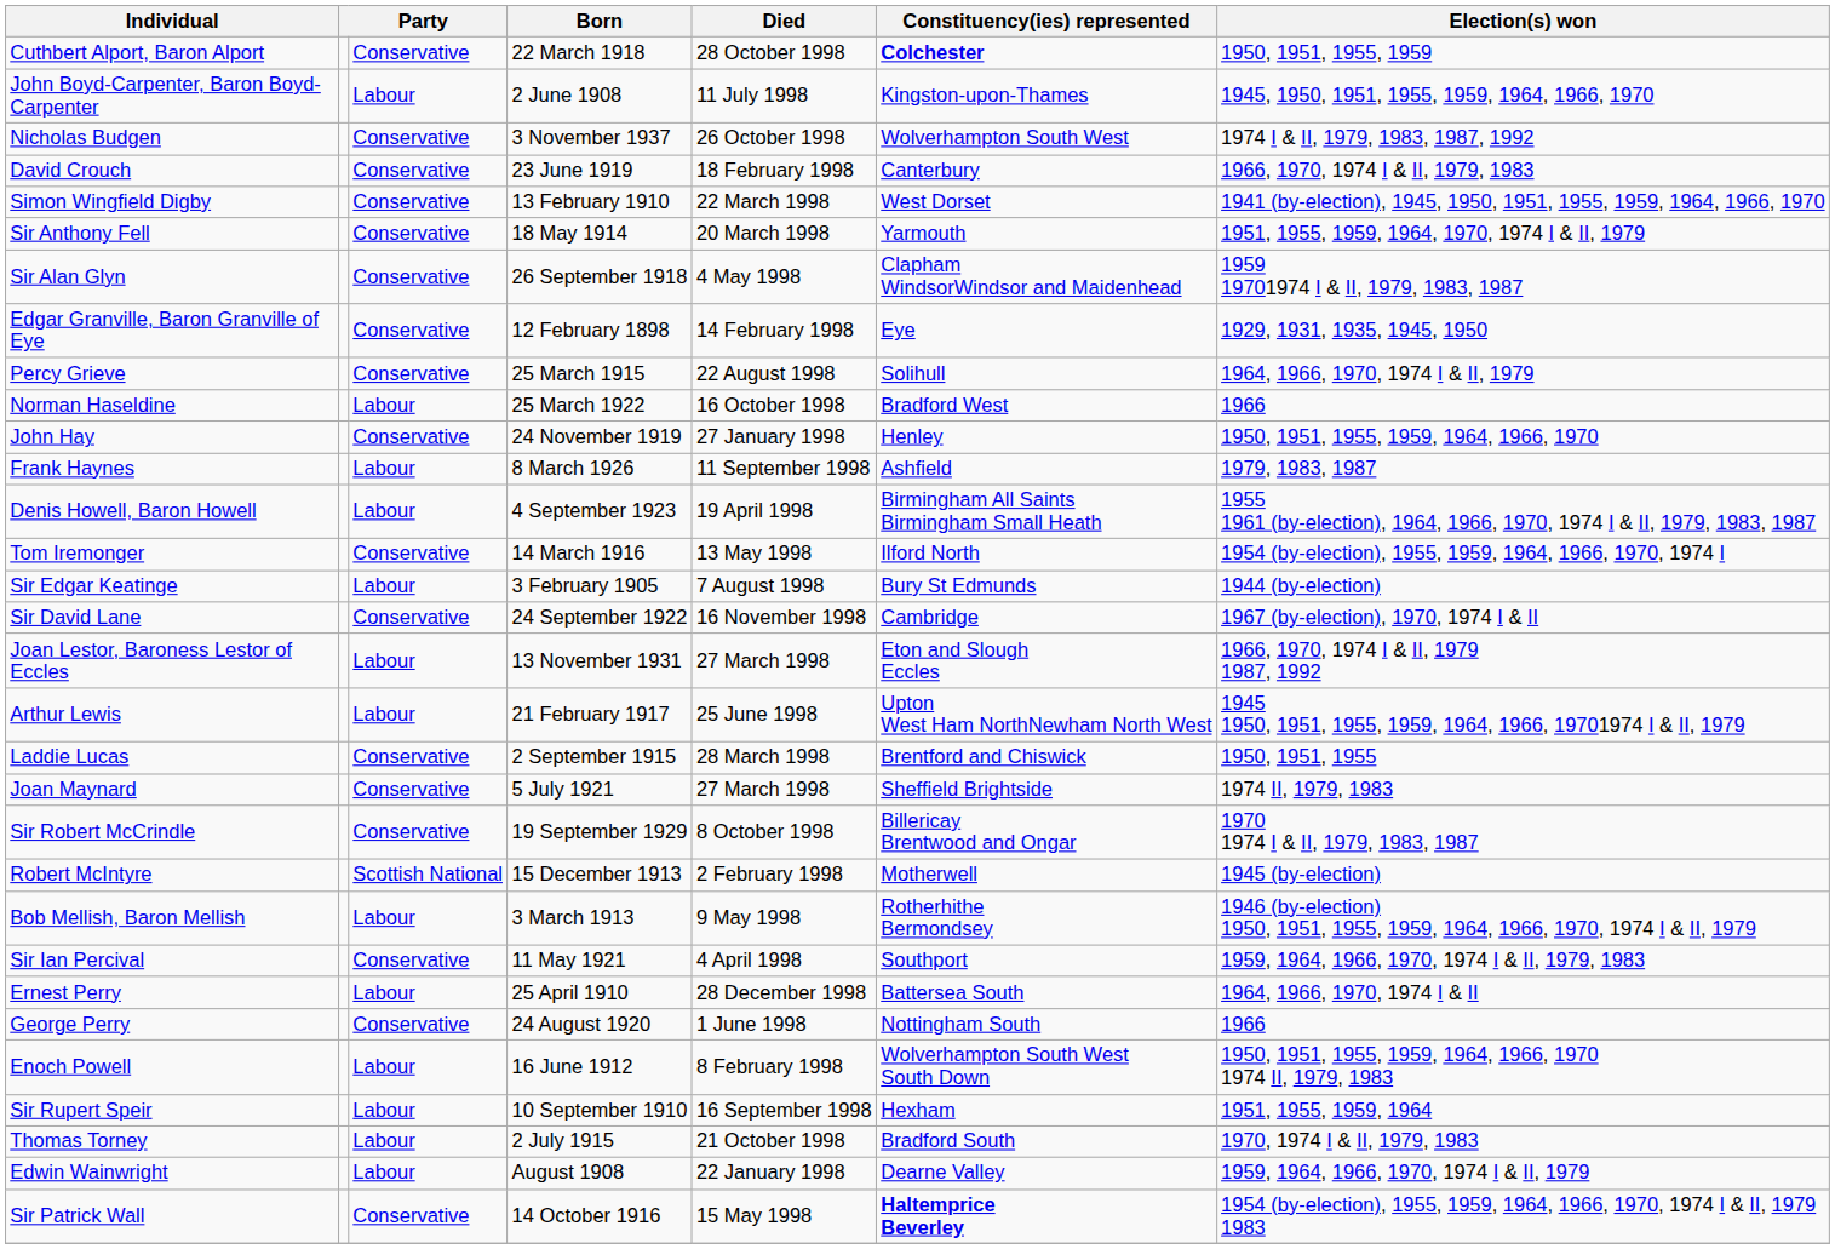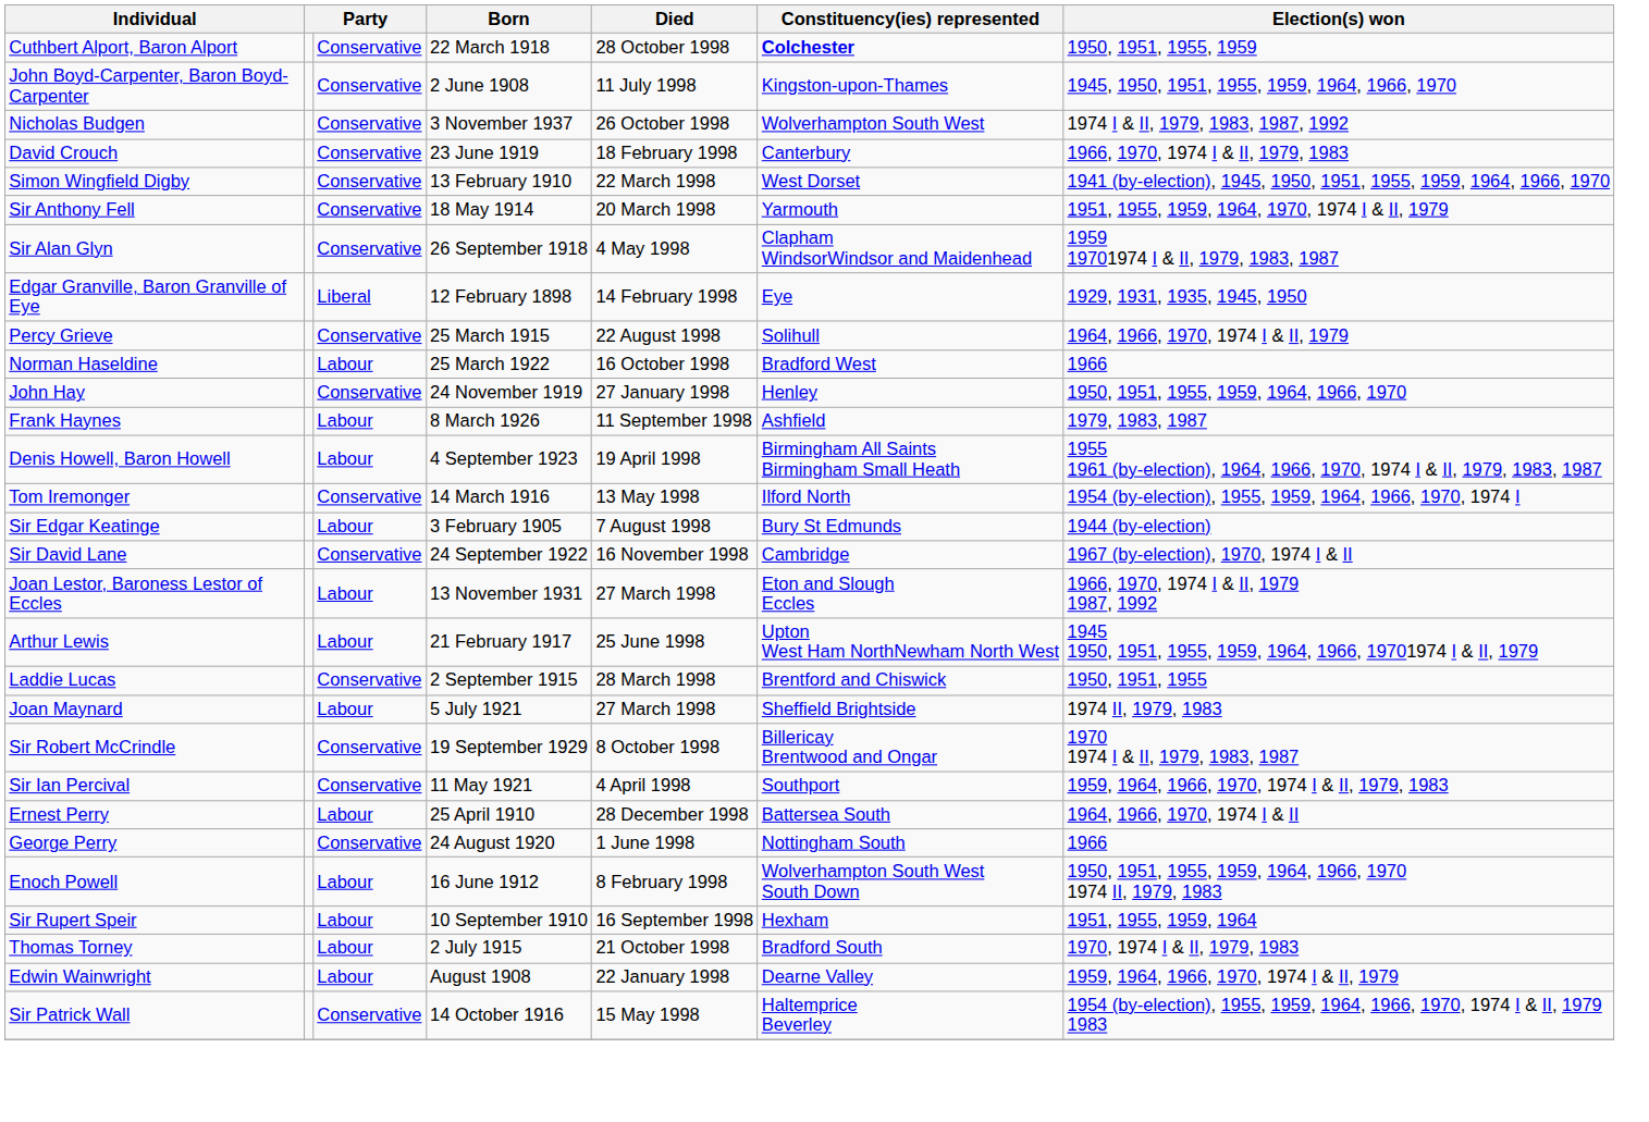 <table class="wikitable sortable">
 <tr>
 <th width="260px">Individual</th>
 <th colspan="2">Party</th>
 <th>Born</th>
 <th>Died</th>
 <th>Constituency(ies) represented</th>
 <th>Election(s) won</th>
 </tr>
 <tr>
 <td><a href='#'>Cuthbert Alport, Baron Alport</a></td>
 <td style="background-color: "></td>
 <td><a href='#'>Conservative</a></td>
 <td>22 March 1918</td>
 <td>28 October 1998</td>
 <td><strong><a href='#'>Colchester</a></strong></td>
 <td><a href='#'>1950</a>, <a href='#'>1951</a>, <a href='#'>1955</a>, <a href='#'>1959</a></td>
 </tr>
 <tr>
 <td><a href='#'>John Boyd-Carpenter, Baron Boyd-Carpenter</a></td>
 <td style="background-color: "></td>
-<td><a href='#'>Labour</a></td>
+<td><a href='#'>Conservative</a></td>
 <td>2 June 1908</td>
 <td>11 July 1998</td>
 <td><a href='#'>Kingston-upon-Thames</a></td>
 <td><a href='#'>1945</a>, <a href='#'>1950</a>, <a href='#'>1951</a>, <a href='#'>1955</a>, <a href='#'>1959</a>, <a href='#'>1964</a>, <a href='#'>1966</a>, <a href='#'>1970</a></td>
 </tr>
 <tr>
 <td><a href='#'>Nicholas Budgen</a></td>
 <td style="background-color: "></td>
 <td><a href='#'>Conservative</a></td>
 <td>3 November 1937</td>
 <td>26 October 1998</td>
 <td><a href='#'>Wolverhampton South West</a></td>
 <td>1974 <a href='#'>I</a> & <a href='#'>II</a>, <a href='#'>1979</a>, <a href='#'>1983</a>, <a href='#'>1987</a>, <a href='#'>1992</a></td>
 </tr>
 <tr>
 <td><a href='#'>David Crouch</a></td>
 <td style="background-color: "></td>
 <td><a href='#'>Conservative</a></td>
 <td>23 June 1919</td>
 <td>18 February 1998</td>
 <td><a href='#'>Canterbury</a></td>
 <td><a href='#'>1966</a>, <a href='#'>1970</a>, 1974 <a href='#'>I</a> & <a href='#'>II</a>, <a href='#'>1979</a>, <a href='#'>1983</a></td>
 </tr>
 <tr>
 <td><a href='#'>Simon Wingfield Digby</a></td>
 <td style="background-color: "></td>
 <td><a href='#'>Conservative</a></td>
 <td>13 February 1910</td>
 <td>22 March 1998</td>
 <td><a href='#'>West Dorset</a></td>
 <td><a href='#'>1941 (by-election)</a>, <a href='#'>1945</a>, <a href='#'>1950</a>, <a href='#'>1951</a>, <a href='#'>1955</a>, <a href='#'>1959</a>, <a href='#'>1964</a>, <a href='#'>1966</a>, <a href='#'>1970</a></td>
 </tr>
 <tr>
 <td><a href='#'>Sir Anthony Fell</a></td>
 <td style="background-color: "></td>
 <td><a href='#'>Conservative</a></td>
 <td>18 May 1914</td>
 <td>20 March 1998</td>
 <td><a href='#'>Yarmouth</a></td>
 <td><a href='#'>1951</a>, <a href='#'>1955</a>, <a href='#'>1959</a>, <a href='#'>1964</a>, <a href='#'>1970</a>, 1974 <a href='#'>I</a> & <a href='#'>II</a>, <a href='#'>1979</a></td>
 </tr>
 <tr>
 <td><a href='#'>Sir Alan Glyn</a></td>
 <td style="background-color: "></td>
 <td><a href='#'>Conservative</a></td>
 <td>26 September 1918</td>
 <td>4 May 1998</td>
 <td><a href='#'>Clapham</a><br><a href='#'>Windsor</a><a href='#'>Windsor and Maidenhead</a></td>
 <td><a href='#'>1959</a><br><a href='#'>1970</a>1974 <a href='#'>I</a> & <a href='#'>II</a>, <a href='#'>1979</a>, <a href='#'>1983</a>, <a href='#'>1987</a></td>
 </tr>
 <tr>
 <td><a href='#'>Edgar Granville, Baron Granville of Eye</a></td>
 <td style="background-color: "></td>
-<td><a href='#'>Conservative</a></td>
+<td><a href='#'>Liberal</a></td>
 <td>12 February 1898</td>
 <td>14 February 1998</td>
 <td><a href='#'>Eye</a></td>
 <td><a href='#'>1929</a>, <a href='#'>1931</a>, <a href='#'>1935</a>, <a href='#'>1945</a>, <a href='#'>1950</a></td>
 </tr>
 <tr>
 <td><a href='#'>Percy Grieve</a></td>
 <td style="background-color: "></td>
 <td><a href='#'>Conservative</a></td>
 <td>25 March 1915</td>
 <td>22 August 1998</td>
 <td><a href='#'>Solihull</a></td>
 <td><a href='#'>1964</a>, <a href='#'>1966</a>, <a href='#'>1970</a>, 1974 <a href='#'>I</a> & <a href='#'>II</a>, <a href='#'>1979</a></td>
 </tr>
 <tr>
 <td><a href='#'>Norman Haseldine</a></td>
 <td style="background-color: "></td>
 <td><a href='#'>Labour</a></td>
 <td>25 March 1922</td>
 <td>16 October 1998</td>
 <td><a href='#'>Bradford West</a></td>
 <td><a href='#'>1966</a></td>
 </tr>
 <tr>
 <td><a href='#'>John Hay</a></td>
 <td style="background-color: "></td>
 <td><a href='#'>Conservative</a></td>
 <td>24 November 1919</td>
 <td>27 January 1998</td>
 <td><a href='#'>Henley</a></td>
 <td><a href='#'>1950</a>, <a href='#'>1951</a>, <a href='#'>1955</a>, <a href='#'>1959</a>, <a href='#'>1964</a>, <a href='#'>1966</a>, <a href='#'>1970</a></td>
 </tr>
 <tr>
 <td><a href='#'>Frank Haynes</a></td>
 <td style="background-color: "></td>
 <td><a href='#'>Labour</a></td>
 <td>8 March 1926</td>
 <td>11 September 1998</td>
 <td><a href='#'>Ashfield</a></td>
 <td><a href='#'>1979</a>, <a href='#'>1983</a>, <a href='#'>1987</a></td>
 </tr>
 <tr>
 <td><a href='#'>Denis Howell, Baron Howell</a></td>
 <td style="background-color: "></td>
 <td><a href='#'>Labour</a></td>
 <td>4 September 1923</td>
 <td>19 April 1998</td>
 <td><a href='#'>Birmingham All Saints</a><br><a href='#'>Birmingham Small Heath</a></td>
 <td><a href='#'>1955</a><br><a href='#'>1961 (by-election)</a>, <a href='#'>1964</a>, <a href='#'>1966</a>, <a href='#'>1970</a>, 1974 <a href='#'>I</a> & <a href='#'>II</a>, <a href='#'>1979</a>, <a href='#'>1983</a>, <a href='#'>1987</a></td>
 </tr>
 <tr>
 <td><a href='#'>Tom Iremonger</a></td>
 <td style="background-color: "></td>
 <td><a href='#'>Conservative</a></td>
 <td>14 March 1916</td>
 <td>13 May 1998</td>
 <td><a href='#'>Ilford North</a></td>
 <td><a href='#'>1954 (by-election)</a>, <a href='#'>1955</a>, <a href='#'>1959</a>, <a href='#'>1964</a>, <a href='#'>1966</a>, <a href='#'>1970</a>, 1974 <a href='#'>I</a></td>
 </tr>
 <tr>
 <td><a href='#'>Sir Edgar Keatinge</a></td>
 <td style="background-color: "></td>
 <td><a href='#'>Labour</a></td>
 <td>3 February 1905</td>
 <td>7 August 1998</td>
 <td><a href='#'>Bury St Edmunds</a></td>
 <td><a href='#'>1944 (by-election)</a></td>
 </tr>
 <tr>
 <td><a href='#'>Sir David Lane</a></td>
 <td style="background-color: "></td>
 <td><a href='#'>Conservative</a></td>
 <td>24 September 1922</td>
 <td>16 November 1998</td>
 <td><a href='#'>Cambridge</a></td>
 <td><a href='#'>1967 (by-election)</a>, <a href='#'>1970</a>, 1974 <a href='#'>I</a> & <a href='#'>II</a></td>
 </tr>
 <tr>
 <td><a href='#'>Joan Lestor, Baroness Lestor of Eccles</a></td>
 <td style="background-color: "></td>
 <td><a href='#'>Labour</a></td>
 <td>13 November 1931</td>
 <td>27 March 1998</td>
 <td><a href='#'>Eton and Slough</a><br><a href='#'>Eccles</a></td>
 <td><a href='#'>1966</a>, <a href='#'>1970</a>, 1974 <a href='#'>I</a> & <a href='#'>II</a>, <a href='#'>1979</a><br><a href='#'>1987</a>, <a href='#'>1992</a></td>
 </tr>
 <tr>
 <td><a href='#'>Arthur Lewis</a></td>
 <td style="background-color: "></td>
 <td><a href='#'>Labour</a></td>
 <td>21 February 1917</td>
 <td>25 June 1998</td>
 <td><a href='#'>Upton</a><br><a href='#'>West Ham North</a><a href='#'>Newham North West</a></td>
 <td><a href='#'>1945</a><br><a href='#'>1950</a>, <a href='#'>1951</a>, <a href='#'>1955</a>, <a href='#'>1959</a>, <a href='#'>1964</a>, <a href='#'>1966</a>, <a href='#'>1970</a>1974 <a href='#'>I</a> & <a href='#'>II</a>, <a href='#'>1979</a></td>
 </tr>
 <tr>
 <td><a href='#'>Laddie Lucas</a></td>
 <td style="background-color: "></td>
 <td><a href='#'>Conservative</a></td>
 <td>2 September 1915</td>
 <td>28 March 1998</td>
 <td><a href='#'>Brentford and Chiswick</a></td>
 <td><a href='#'>1950</a>, <a href='#'>1951</a>, <a href='#'>1955</a></td>
 </tr>
 <tr>
 <td><a href='#'>Joan Maynard</a></td>
 <td style="background-color: "></td>
-<td><a href='#'>Conservative</a></td>
+<td><a href='#'>Labour</a></td>
 <td>5 July 1921</td>
 <td>27 March 1998</td>
 <td><a href='#'>Sheffield Brightside</a></td>
 <td>1974 <a href='#'>II</a>, <a href='#'>1979</a>, <a href='#'>1983</a></td>
 </tr>
 <tr>
 <td><a href='#'>Sir Robert McCrindle</a></td>
 <td style="background-color: "></td>
 <td><a href='#'>Conservative</a></td>
 <td>19 September 1929</td>
 <td>8 October 1998</td>
 <td><a href='#'>Billericay</a><br><a href='#'>Brentwood and Ongar</a></td>
 <td><a href='#'>1970</a><br>1974 <a href='#'>I</a> & <a href='#'>II</a>, <a href='#'>1979</a>, <a href='#'>1983</a>, <a href='#'>1987</a></td>
-</tr>
-<tr>
-<td><a href='#'>Robert McIntyre</a></td>
-<td style="background-color: "></td>
-<td><a href='#'>Scottish National</a></td>
-<td>15 December 1913</td>
-<td>2 February 1998</td>
-<td><a href='#'>Motherwell</a></td>
-<td><a href='#'>1945 (by-election)</a></td>
-</tr>
-<tr>
-<td><a href='#'>Bob Mellish, Baron Mellish</a></td>
-<td style="background-color: "></td>
-<td><a href='#'>Labour</a></td>
-<td>3 March 1913</td>
-<td>9 May 1998</td>
-<td><a href='#'>Rotherhithe</a><br><a href='#'>Bermondsey</a></td>
-<td><a href='#'>1946 (by-election)</a><br><a href='#'>1950</a>, <a href='#'>1951</a>, <a href='#'>1955</a>, <a href='#'>1959</a>, <a href='#'>1964</a>, <a href='#'>1966</a>, <a href='#'>1970</a>, 1974 <a href='#'>I</a> & <a href='#'>II</a>, <a href='#'>1979</a></td>
 </tr>
 <tr>
 <td><a href='#'>Sir Ian Percival</a></td>
 <td style="background-color: "></td>
 <td><a href='#'>Conservative</a></td>
 <td>11 May 1921</td>
 <td>4 April 1998</td>
 <td><a href='#'>Southport</a></td>
 <td><a href='#'>1959</a>, <a href='#'>1964</a>, <a href='#'>1966</a>, <a href='#'>1970</a>, 1974 <a href='#'>I</a> & <a href='#'>II</a>, <a href='#'>1979</a>, <a href='#'>1983</a></td>
 </tr>
 <tr>
 <td><a href='#'>Ernest Perry</a></td>
 <td style="background-color: "></td>
 <td><a href='#'>Labour</a></td>
 <td>25 April 1910</td>
 <td>28 December 1998</td>
 <td><a href='#'>Battersea South</a></td>
 <td><a href='#'>1964</a>, <a href='#'>1966</a>, <a href='#'>1970</a>, 1974 <a href='#'>I</a> & <a href='#'>II</a></td>
 </tr>
 <tr>
 <td><a href='#'>George Perry</a></td>
 <td style="background-color: "></td>
 <td><a href='#'>Conservative</a></td>
 <td>24 August 1920</td>
 <td>1 June 1998</td>
 <td><a href='#'>Nottingham South</a></td>
 <td><a href='#'>1966</a></td>
 </tr>
 <tr>
 <td><a href='#'>Enoch Powell</a></td>
 <td style="background-color: "></td>
 <td><a href='#'>Labour</a></td>
 <td>16 June 1912</td>
 <td>8 February 1998</td>
 <td><a href='#'>Wolverhampton South West</a><br><a href='#'>South Down</a></td>
 <td><a href='#'>1950</a>, <a href='#'>1951</a>, <a href='#'>1955</a>, <a href='#'>1959</a>, <a href='#'>1964</a>, <a href='#'>1966</a>, <a href='#'>1970</a><br>1974 <a href='#'>II</a>, <a href='#'>1979</a>, <a href='#'>1983</a></td>
 </tr>
 <tr>
 <td><a href='#'>Sir Rupert Speir</a></td>
 <td style="background-color: "></td>
 <td><a href='#'>Labour</a></td>
 <td>10 September 1910</td>
 <td>16 September 1998</td>
 <td><a href='#'>Hexham</a></td>
 <td><a href='#'>1951</a>, <a href='#'>1955</a>, <a href='#'>1959</a>, <a href='#'>1964</a></td>
 </tr>
 <tr>
 <td><a href='#'>Thomas Torney</a></td>
 <td style="background-color: "></td>
 <td><a href='#'>Labour</a></td>
 <td>2 July 1915</td>
 <td>21 October 1998</td>
 <td><a href='#'>Bradford South</a></td>
 <td><a href='#'>1970</a>, 1974 <a href='#'>I</a> & <a href='#'>II</a>, <a href='#'>1979</a>, <a href='#'>1983</a></td>
 </tr>
 <tr>
 <td><a href='#'>Edwin Wainwright</a></td>
 <td style="background-color: "></td>
 <td><a href='#'>Labour</a></td>
 <td>August 1908</td>
 <td>22 January 1998</td>
 <td><a href='#'>Dearne Valley</a></td>
 <td><a href='#'>1959</a>, <a href='#'>1964</a>, <a href='#'>1966</a>, <a href='#'>1970</a>, 1974 <a href='#'>I</a> & <a href='#'>II</a>, <a href='#'>1979</a></td>
 </tr>
 <tr>
 <td><a href='#'>Sir Patrick Wall</a></td>
 <td style="background-color: "></td>
 <td><a href='#'>Conservative</a></td>
 <td>14 October 1916</td>
 <td>15 May 1998</td>
-<td><strong><a href='#'>Haltemprice</a><br><a href='#'>Beverley</a></strong></td>
+<td><a href='#'>Haltemprice</a><br><a href='#'>Beverley</a></td>
 <td><a href='#'>1954 (by-election)</a>, <a href='#'>1955</a>, <a href='#'>1959</a>, <a href='#'>1964</a>, <a href='#'>1966</a>, <a href='#'>1970</a>, 1974 <a href='#'>I</a> & <a href='#'>II</a>, <a href='#'>1979</a><br><a href='#'>1983</a></td>
 </tr>
 <tr>
 </tr>
 </table>
